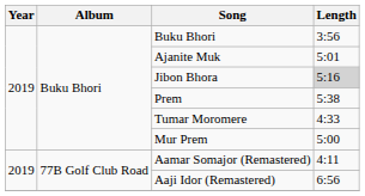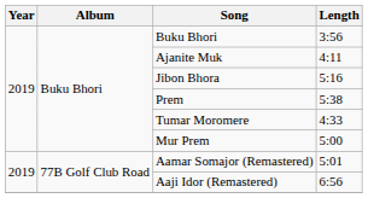 <table class="wikitable sortable">
 <tr>
 <th><strong>Year</strong></th>
 <th>Album</th>
 <th>Song</th>
 <th>Length</th>
 </tr>
 <tr>
 <td rowspan="6">2019</td>
 <td rowspan="6">Buku Bhori<br></td>
 <td>Buku Bhori</td>
 <td>3:56</td>
 </tr>
 <tr>
 <td>Ajanite Muk</td>
-<td>5:01</td>
+<td>4:11</td>
 </tr>
 <tr>
 <td>Jibon Bhora</td>
-<td style="background: lightgrey;">5:16</td>
+<td>5:16</td>
 </tr>
 <tr>
 <td>Prem</td>
 <td>5:38</td>
 </tr>
 <tr>
 <td>Tumar Moromere</td>
 <td>4:33</td>
 </tr>
 <tr>
 <td>Mur Prem</td>
 <td>5:00</td>
 </tr>
 <tr>
 <td rowspan="2">2019</td>
 <td rowspan="2">77B Golf Club Road</td>
 <td>Aamar Somajor (Remastered)</td>
-<td>4:11</td>
+<td>5:01</td>
 </tr>
 <tr>
 <td>Aaji Idor (Remastered)</td>
 <td>6:56</td>
 </tr>
 <tr>
 </tr>
 </table>
